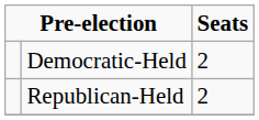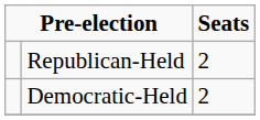 <table class= "wikitable">
 <tr>
 <td colspan= "2" rowspan= "1" align= "center" valign= "top"><strong>Pre-election</strong></td>
 <td valign= "top"><strong>Seats</strong><br></td>
 </tr>
 <tr>
 <td style="background-color:"> </td>
-<td>Democratic-Held</td>
+<td>Republican-Held</td>
 <td>2</td>
 </tr>
 <tr>
 <td style="background-color:"> </td>
-<td>Republican-Held</td>
+<td>Democratic-Held</td>
 <td>2</td>
 </tr>
 <tr>
 </tr>
 </table>
